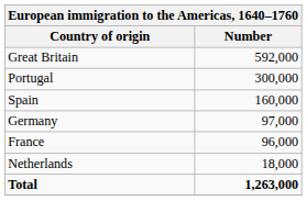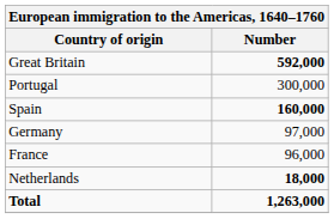 <table class="wikitable sortable" style="text-align:right">
 <tr>
 <th colspan="4">European immigration to the Americas, 1640–1760</th>
 </tr>
 <tr>
 <th>Country of origin</th>
 <th>Number</th>
 </tr>
 <tr>
 <td align="left">Great Britain</td>
-<td>592,000</td>
+<td><strong>592,000</strong></td>
 </tr>
 <tr>
 <td align="left">Portugal</td>
 <td>300,000</td>
 </tr>
 <tr>
 <td align="left">Spain</td>
-<td>160,000</td>
+<td><strong>160,000</strong></td>
 </tr>
 <tr>
 <td align="left">Germany</td>
 <td>97,000</td>
 </tr>
 <tr>
 <td align="left">France</td>
 <td>96,000</td>
 </tr>
 <tr>
 <td align="left">Netherlands</td>
-<td>18,000</td>
+<td><strong>18,000</strong></td>
 </tr>
 <tr>
 <td align="left"><strong>Total</strong></td>
 <td><strong>1,263,000</strong></td>
 </tr>
 <tr>
 </tr>
 </table>
